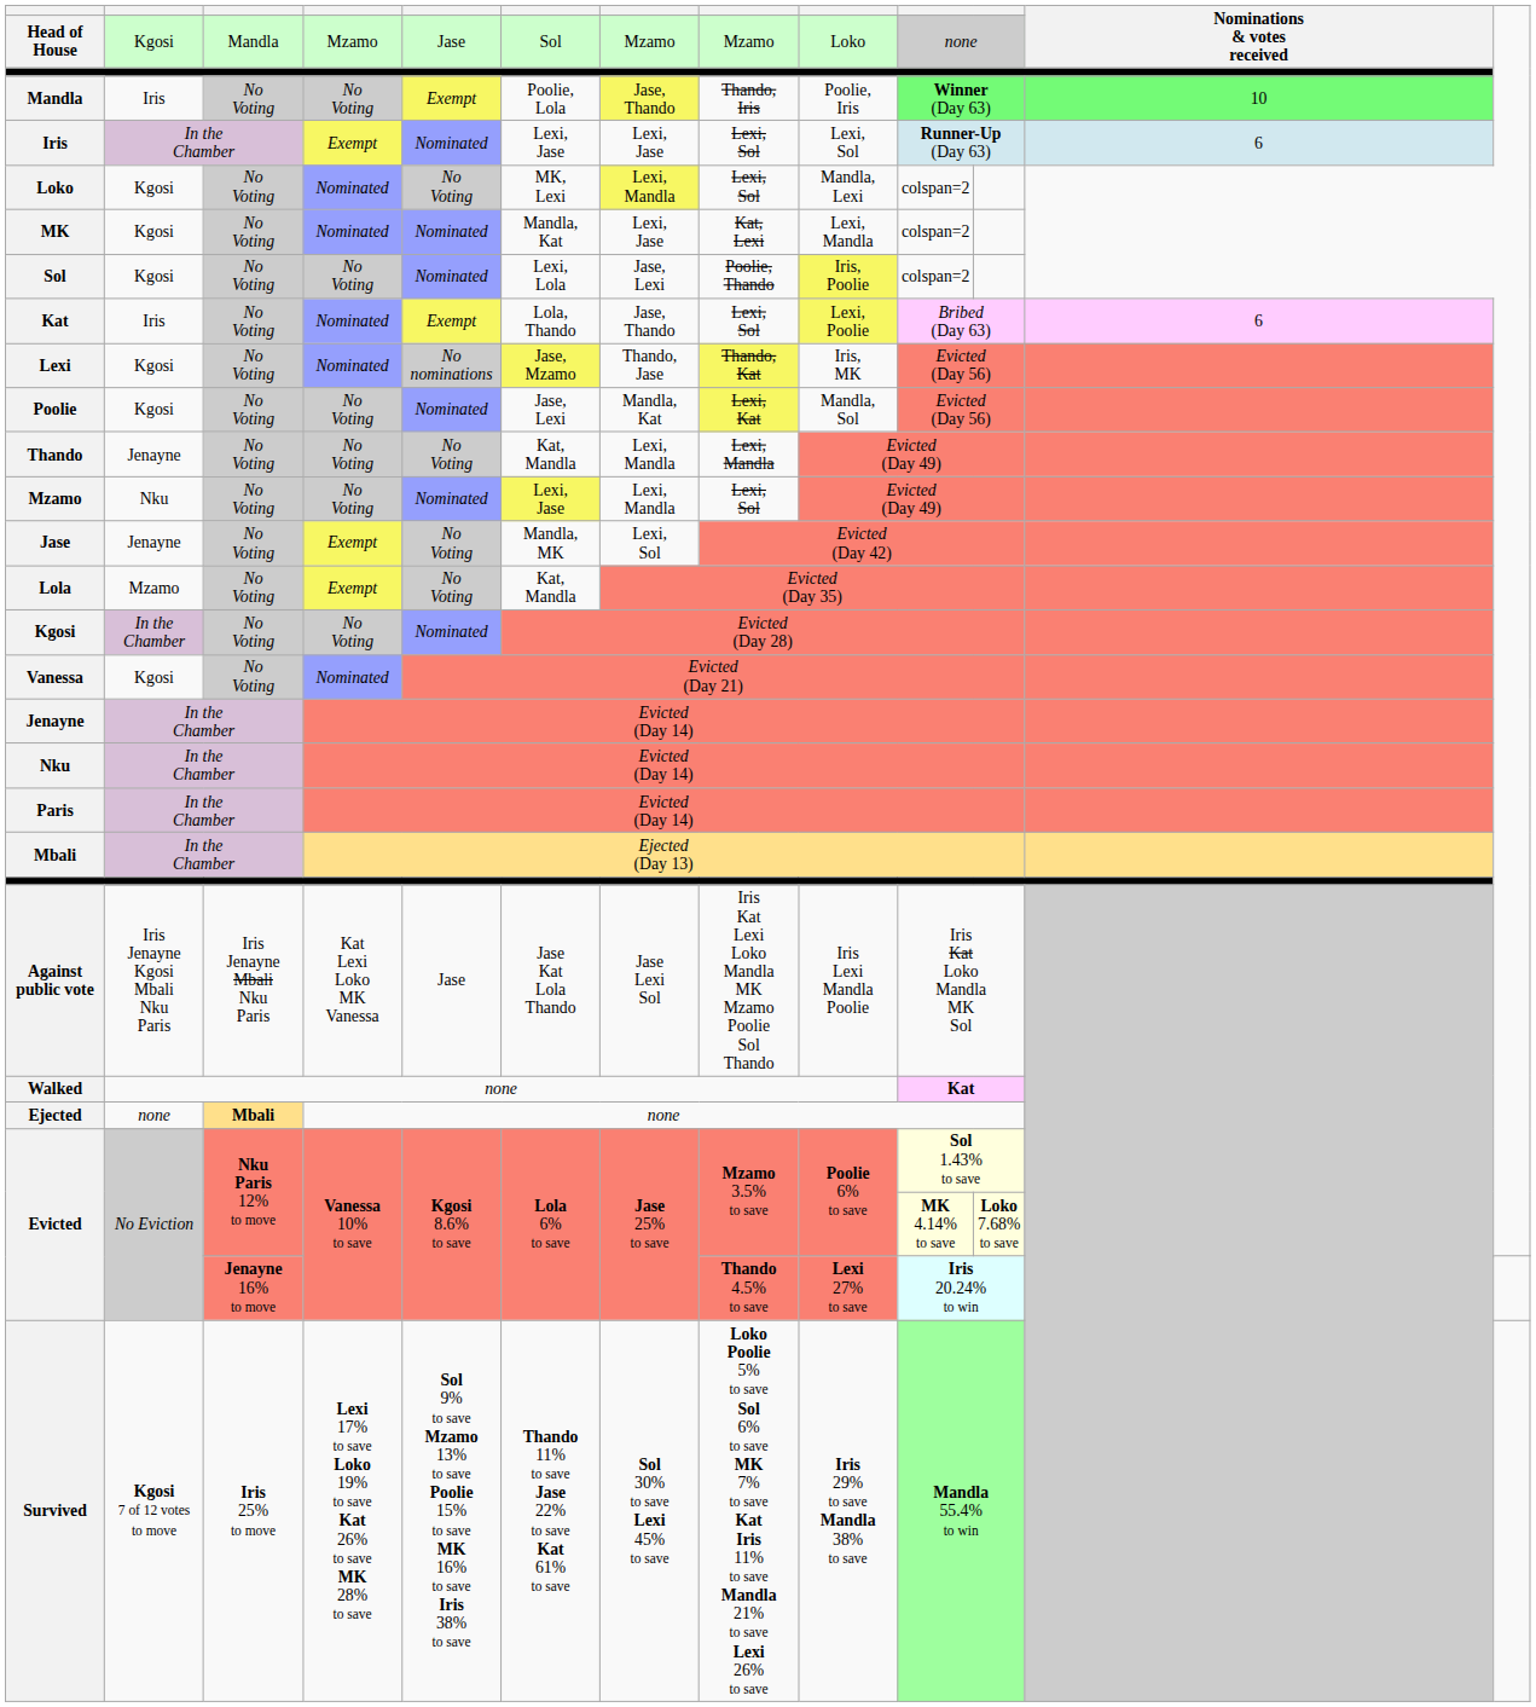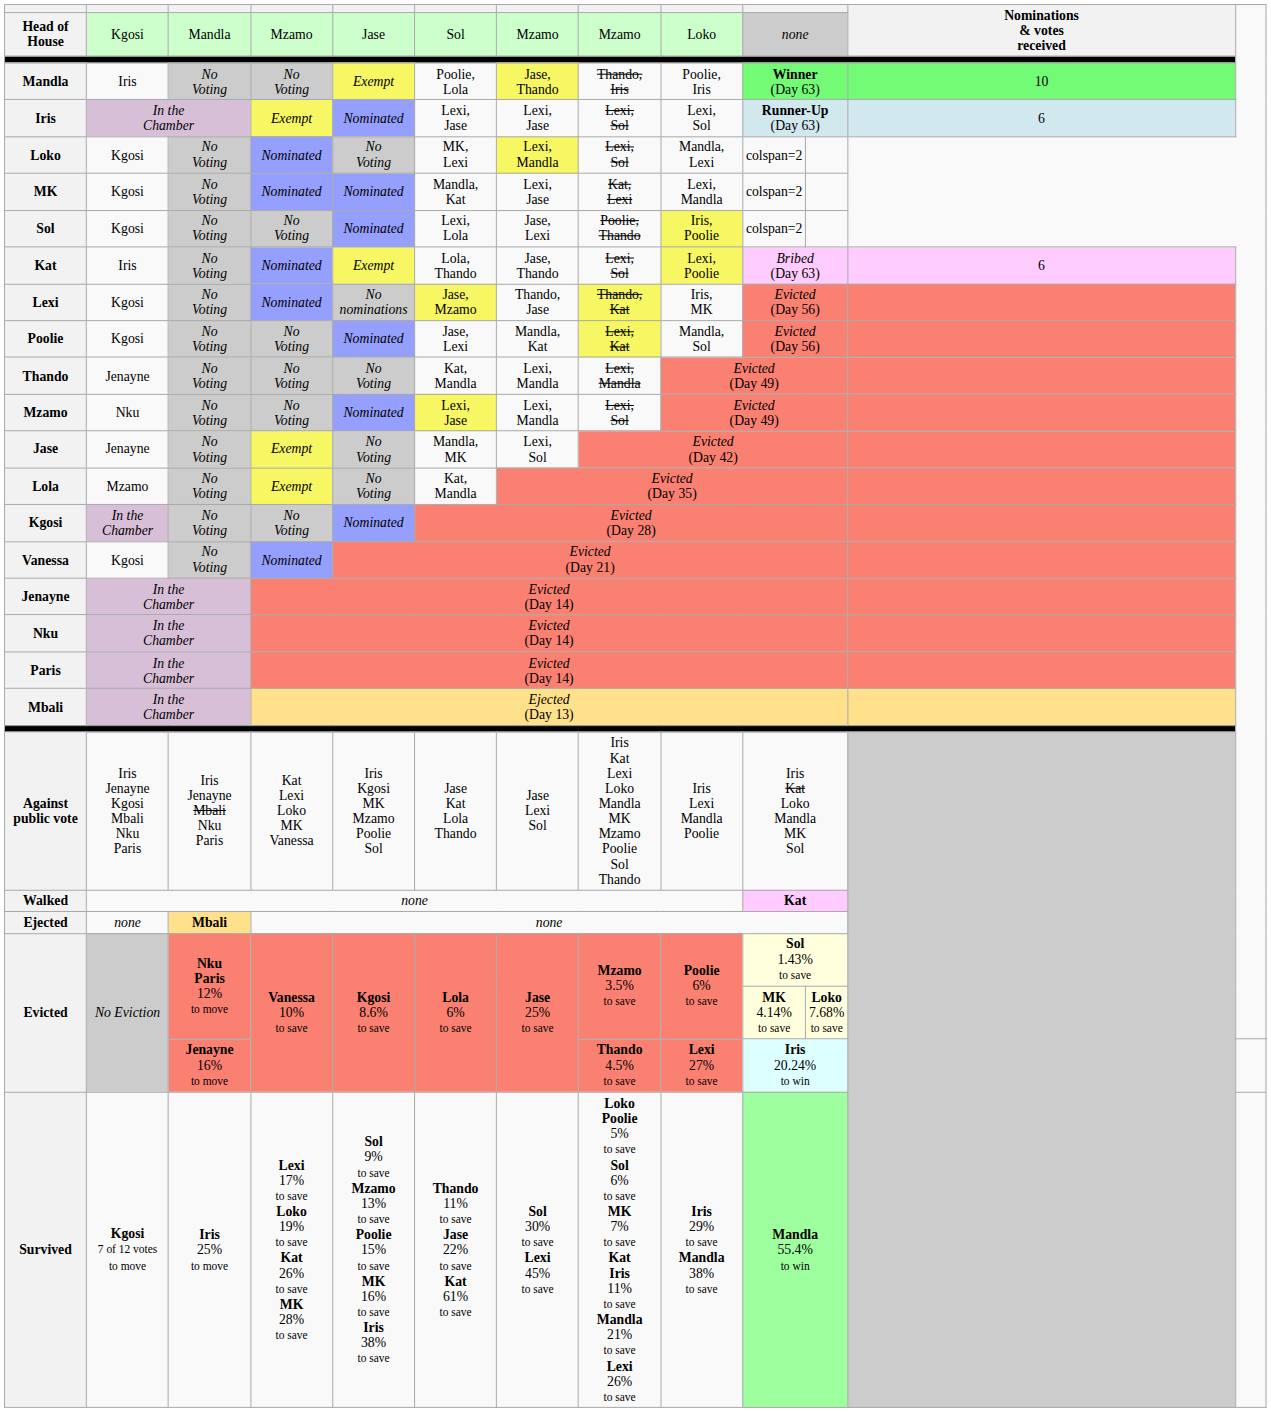 <table class="wikitable" style="text-align:center; font-size:85%; line-height:15px">
 <tr>
 <th style="width: 6.5%;"></th>
 <th style="width: 6.5%;"></th>
 <th style="width: 6.5%;"></th>
 <th style="width: 6.5%;"></th>
 <th style="width: 6.5%;"></th>
 <th style="width: 6.5%;"></th>
 <th style="width: 6.5%;"></th>
 <th style="width: 6.5%;"></th>
 <th style="width: 6.5%;"></th>
 <th colspan=2 style="width: 6.5%;"></th>
 <th rowspan=2>Nominations<br>& votes<br>received</th>
 </tr>
 <tr style="background:#cfc";|>
 <th>Head of House</th>
 <td>Kgosi</td>
 <td>Mandla</td>
 <td>Mzamo</td>
 <td>Jase</td>
 <td>Sol</td>
 <td>Mzamo</td>
 <td>Mzamo</td>
 <td>Loko</td>
 <td colspan=2 style="background:#CCC;"><em>none</em></td>
 </tr>
 <tr>
 <th style="background:#000;" colspan="12"></th>
 </tr>
 <tr>
 <th>Mandla</th>
 <td>Iris</td>
 <td bgcolor="#ccc"><em>No<br>Voting</em></td>
 <td bgcolor="#ccc"><em>No<br>Voting</em></td>
 <td style="background:#f7f763"><em>Exempt</em></td>
 <td>Poolie,<br>Lola</td>
 <td style="background:#f7f763">Jase,<br>Thando</td>
 <td><s>Thando,<br>Iris</s></td>
 <td>Poolie,<br>Iris</td>
 <td colspan=2 style="background:#73FB76"><strong>Winner</strong><br>(Day 63)</td>
 <td style="background:#73FB76;">10</td>
 </tr>
 <tr>
 <th>Iris</th>
 <td colspan=2 bgcolor="Thistle"><em>In the<br>Chamber</em></td>
 <td style="background:#f7f763"><em>Exempt</em></td>
 <td style="background:#959ffd"><em>Nominated</em></td>
 <td>Lexi,<br>Jase</td>
 <td>Lexi,<br>Jase</td>
 <td><s>Lexi,<br>Sol</s></td>
 <td>Lexi,<br>Sol</td>
 <td colspan=2 style="background:#D1E8EF"><strong>Runner-Up</strong><br>(Day 63)</td>
 <td style=" background:#D1E8EF;">6</td>
 </tr>
 <tr>
 <th>Loko</th>
 <td>Kgosi</td>
 <td bgcolor="#ccc"><em>No<br>Voting</em></td>
 <td style="background:#959ffd"><em>Nominated</em></td>
 <td bgcolor="#ccc"><em>No<br>Voting</em></td>
 <td>MK,<br>Lexi</td>
 <td style="background:#f7f763">Lexi,<br>Mandla</td>
 <td><s>Lexi,<br>Sol</s></td>
 <td>Mandla,<br>Lexi</td>
 <td>colspan=2 </td>
 <td></td>
 </tr>
 <tr>
 <th>MK</th>
 <td>Kgosi</td>
 <td bgcolor="#ccc"><em>No<br>Voting</em></td>
 <td style="background:#959ffd"><em>Nominated</em></td>
 <td style="background:#959ffd"><em>Nominated</em></td>
 <td>Mandla,<br>Kat</td>
 <td>Lexi,<br>Jase</td>
 <td><s>Kat,<br>Lexi</s></td>
 <td>Lexi,<br>Mandla</td>
 <td>colspan=2 </td>
 <td></td>
 </tr>
 <tr>
 <th>Sol</th>
 <td>Kgosi</td>
 <td bgcolor="#ccc"><em>No<br>Voting</em></td>
 <td bgcolor="#ccc"><em>No<br>Voting</em></td>
 <td style="background:#959ffd"><em>Nominated</em></td>
 <td>Lexi,<br>Lola</td>
 <td>Jase,<br>Lexi</td>
 <td><s>Poolie,<br>Thando</s></td>
 <td style="background:#f7f763">Iris,<br>Poolie</td>
 <td>colspan=2 </td>
 <td></td>
 </tr>
 <tr>
 <th>Kat</th>
 <td>Iris</td>
 <td bgcolor="#ccc"><em>No<br>Voting</em></td>
 <td style="background:#959ffd"><em>Nominated</em></td>
 <td style="background:#f7f763"><em>Exempt</em></td>
 <td>Lola,<br>Thando</td>
 <td>Jase,<br>Thando</td>
 <td><s>Lexi,<br>Sol</s></td>
 <td style="background:#f7f763">Lexi,<br>Poolie</td>
 <td colspan=2 bgcolor="FFCCFF"><em>Bribed</em><br>(Day 63)</td>
 <td bgcolor="FFCCFF">6</td>
 </tr>
 <tr>
 <th>Lexi</th>
 <td>Kgosi</td>
 <td bgcolor="#ccc"><em>No<br>Voting</em></td>
 <td style="background:#959ffd"><em>Nominated</em></td>
 <td bgcolor="#ccc"><em>No<br>nominations</em></td>
 <td style="background:#f7f763">Jase,<br>Mzamo</td>
 <td>Thando,<br>Jase</td>
 <td style="background:#f7f763"><s>Thando,<br>Kat</s></td>
 <td>Iris,<br>MK</td>
 <td colspan="2" bgcolor="fa8072"><em>Evicted</em><br>(Day 56)</td>
 <td bgcolor="fa8072"></td>
 </tr>
 <tr>
 <th>Poolie</th>
 <td>Kgosi</td>
 <td bgcolor="#ccc"><em>No<br>Voting</em></td>
 <td bgcolor="#ccc"><em>No<br>Voting</em></td>
 <td style="background:#959ffd"><em>Nominated</em></td>
 <td>Jase,<br>Lexi</td>
 <td>Mandla,<br>Kat</td>
 <td style="background:#f7f763"><s>Lexi,<br>Kat</s></td>
 <td>Mandla,<br>Sol</td>
 <td colspan=2 bgcolor="fa8072"><em>Evicted</em><br>(Day 56)</td>
 <td bgcolor="fa8072"></td>
 </tr>
 <tr>
 <th>Thando</th>
 <td>Jenayne</td>
 <td bgcolor="#ccc"><em>No<br>Voting</em></td>
 <td bgcolor="#ccc"><em>No<br>Voting</em></td>
 <td bgcolor="#ccc"><em>No<br>Voting</em></td>
 <td>Kat,<br>Mandla</td>
 <td>Lexi,<br>Mandla</td>
 <td><s>Lexi,<br>Mandla</s></td>
 <td colspan="3" bgcolor="fa8072"><em>Evicted</em><br>(Day 49)</td>
 <td bgcolor="fa8072"></td>
 </tr>
 <tr>
 <th>Mzamo</th>
 <td>Nku</td>
 <td bgcolor="#ccc"><em>No<br>Voting</em></td>
 <td bgcolor="#ccc"><em>No<br>Voting</em></td>
 <td style="background:#959ffd"><em>Nominated</em></td>
 <td style="background:#f7f763">Lexi,<br>Jase</td>
 <td>Lexi,<br>Mandla</td>
 <td><s>Lexi,<br>Sol</s></td>
 <td colspan=3 bgcolor="fa8072"><em>Evicted</em><br>(Day 49)</td>
 <td bgcolor="fa8072"></td>
 </tr>
 <tr>
 <th>Jase</th>
 <td>Jenayne</td>
 <td bgcolor="#ccc"><em>No<br>Voting</em></td>
 <td style="background:#f7f763"><em>Exempt</em></td>
 <td bgcolor="#ccc"><em>No<br>Voting</em></td>
 <td>Mandla,<br>MK</td>
 <td>Lexi,<br>Sol</td>
 <td colspan=4 bgcolor="fa8072"><em>Evicted</em><br>(Day 42)</td>
 <td bgcolor="fa8072"></td>
 </tr>
 <tr>
 <th>Lola</th>
 <td>Mzamo</td>
 <td bgcolor="#ccc"><em>No<br>Voting</em></td>
 <td style="background:#f7f763"><em>Exempt</em></td>
 <td bgcolor="#ccc"><em>No<br>Voting</em></td>
 <td>Kat,<br>Mandla</td>
 <td colspan=5 bgcolor="fa8072"><em>Evicted</em><br>(Day 35)</td>
 <td bgcolor="fa8072"></td>
 </tr>
 <tr>
 <th>Kgosi</th>
 <td bgcolor="Thistle"><em>In the<br>Chamber</em></td>
 <td bgcolor="#ccc"><em>No<br>Voting</em></td>
 <td bgcolor="#ccc"><em>No<br>Voting</em></td>
 <td style="background:#959ffd"><em>Nominated</em></td>
 <td colspan=6 bgcolor="fa8072"><em>Evicted</em><br>(Day 28)</td>
 <td bgcolor="fa8072"></td>
 </tr>
 <tr>
 <th>Vanessa</th>
 <td>Kgosi</td>
 <td bgcolor="#ccc"><em>No<br>Voting</em></td>
 <td style="background:#959ffd"><em>Nominated</em></td>
 <td colspan=7 bgcolor="fa8072"><em>Evicted</em><br>(Day 21)</td>
 <td bgcolor="fa8072"></td>
 </tr>
 <tr>
 <th>Jenayne</th>
 <td colspan=2 bgcolor="Thistle"><em>In the<br>Chamber</em></td>
 <td colspan="8" bgcolor="fa8072"><em>Evicted</em><br>(Day 14)</td>
 <td bgcolor="fa8072"></td>
 </tr>
 <tr>
 <th>Nku</th>
 <td colspan=2 bgcolor="Thistle"><em>In the<br>Chamber</em></td>
 <td colspan="8" bgcolor="fa8072"><em>Evicted</em><br>(Day 14)</td>
 <td bgcolor="fa8072"></td>
 </tr>
 <tr>
 <th>Paris</th>
 <td colspan=2 bgcolor="Thistle"><em>In the<br>Chamber</em></td>
 <td colspan="8" bgcolor="fa8072"><em>Evicted</em><br>(Day 14)</td>
 <td bgcolor="fa8072"></td>
 </tr>
 <tr>
 <th>Mbali</th>
 <td colspan=2 bgcolor="Thistle"><em>In the<br>Chamber</em></td>
 <td colspan=8 bgcolor="FFE08B"><em>Ejected</em><br>(Day 13)</td>
 <td bgcolor="FFE08B"></td>
 </tr>
 <tr>
 <th style="background:#000;" colspan="12"></th>
 </tr>
 <tr>
 <th>Against public vote</th>
 <td>Iris<br>Jenayne<br>Kgosi<br>Mbali<br>Nku<br>Paris</td>
 <td>Iris<br>Jenayne<br><s>Mbali</s><br>Nku<br>Paris</td>
 <td>Kat<br>Lexi<br>Loko<br>MK<br>Vanessa</td>
-<td>Jase</td>
+<td>Iris<br>Kgosi<br>MK<br>Mzamo<br>Poolie<br>Sol</td>
 <td>Jase<br>Kat<br>Lola<br>Thando</td>
 <td>Jase<br>Lexi<br>Sol</td>
 <td>Iris<br>Kat<br>Lexi<br>Loko<br>Mandla<br>MK<br>Mzamo<br>Poolie<br>Sol<br>Thando</td>
 <td>Iris<br>Lexi<br>Mandla<br>Poolie</td>
 <td colspan=2>Iris<br><s>Kat</s><br>Loko<br>Mandla<br>MK<br>Sol</td>
 <td rowspan=8 style="background:#CCC;"></td>
 </tr>
 <tr>
 <th>Walked</th>
 <td colspan=8><em>none</em></td>
 <td colspan=2 bgcolor="FFCCFF"><strong>Kat</strong></td>
 </tr>
 <tr>
 <th>Ejected</th>
 <td><em>none</em></td>
 <td style="background:#FFE08B"><strong>Mbali</strong></td>
 <td colspan=8><em>none</em></td>
 </tr>
 <tr>
 <th rowspan="4">Evicted</th>
 <td rowspan=4 style="background:#CCC;"><em>No Eviction</em></td>
 <td rowspan="2" style="background:#FA8072;"><strong>Nku</strong><br><strong>Paris</strong><br>12%<br><small>to move</small></td>
 <td rowspan="4" style="background:salmon;"><strong>Vanessa</strong><br>10%<br><small>to save</small></td>
 <td rowspan=4 style="background:#FA8072;"><strong>Kgosi</strong><br>8.6%<br><small>to save</small></td>
 <td rowspan=4 style="background:salmon;"><strong>Lola</strong><br>6%<br><small>to save</small></td>
 <td rowspan=4 style="background:salmon;"><strong>Jase</strong><br>25%<br><small>to save</small><br></td>
 <td rowspan=2 style="background:salmon;"><strong>Mzamo</strong><br>3.5%<br><small>to save</small></td>
 <td rowspan=2 style="background:#FA8072; "><strong>Poolie</strong><br>6%<br><small>to save</small></td>
 <td colspan=2 style="background:#FFFFDD;"><strong>Sol</strong><br>1.43%<br><small>to save</small></td>
 </tr>
 <tr>
 <td style="background:#FFFFDD;"><strong>MK</strong><br>4.14%<br><small>to save</small></td>
 <td style="background:#FFFFDD;"><strong>Loko</strong><br>7.68%<br><small>to save</small></td>
 </tr>
 <tr>
 <td rowspan=2 style="background:salmon;"><strong>Jenayne</strong><br>16%<br><small>to move</small></td>
 <td rowspan=2 style="background:#FA8072"><strong>Thando</strong><br>4.5%<br><small>to save</small></td>
 <td rowspan=2 style="background:salmon"><strong>Lexi</strong><br>27%<br><small>to save</small></td>
 <td colspan="2" rowspan="2" style="background:#DDFFFF;"><strong>Iris</strong><br>20.24%<br><small>to win</small></td>
 </tr>
 <tr>
 <td></td>
 </tr>
 <tr>
 <th>Survived</th>
 <td><strong>Kgosi</strong><br><small>7 of 12 votes<br>to move</small></td>
 <td><strong>Iris</strong><br>25%<br><small>to move</small></td>
 <td><strong>Lexi</strong><br>17%<br><small>to save</small><br><strong>Loko</strong><br>19%<br><small>to save</small><br><strong>Kat</strong><br>26%<br><small>to save</small><br><strong>MK</strong><br>28%<br><small>to save</small></td>
 <td><strong>Sol</strong><br>9%<br><small>to save</small><br><strong>Mzamo</strong><br>13%<br><small>to save</small><br><strong>Poolie</strong><br>15%<br><small>to save</small><br><strong>MK</strong><br>16%<br><small>to save</small><br><strong>Iris</strong><br>38%<br><small>to save</small></td>
 <td><strong>Thando</strong><br>11%<br><small>to save</small><br><strong>Jase</strong><br>22%<br><small>to save</small><br><strong>Kat</strong><br>61%<br><small>to save</small></td>
 <td><strong>Sol</strong><br>30%<br><small>to save</small><br><strong>Lexi</strong><br>45%<br><small>to save</small></td>
 <td><strong>Loko</strong><br><strong>Poolie</strong><br>5%<br><small>to save</small><br><strong>Sol</strong><br>6%<br><small>to save</small><br><strong>MK</strong><br>7%<br><small>to save</small><br><strong>Kat</strong><br><strong>Iris</strong><br>11%<br><small>to save</small><br><strong>Mandla</strong><br>21%<br><small>to save</small><br><strong>Lexi</strong><br>26%<br><small>to save</small></td>
 <td><strong>Iris</strong><br>29%<br><small>to save</small><br><strong>Mandla</strong><br>38%<br><small>to save</small></td>
 <td colspan="2" style="background:#9EFF9E;"><strong>Mandla</strong><br>55.4%<br><small>to win</small></td>
 </tr>
 </table>
